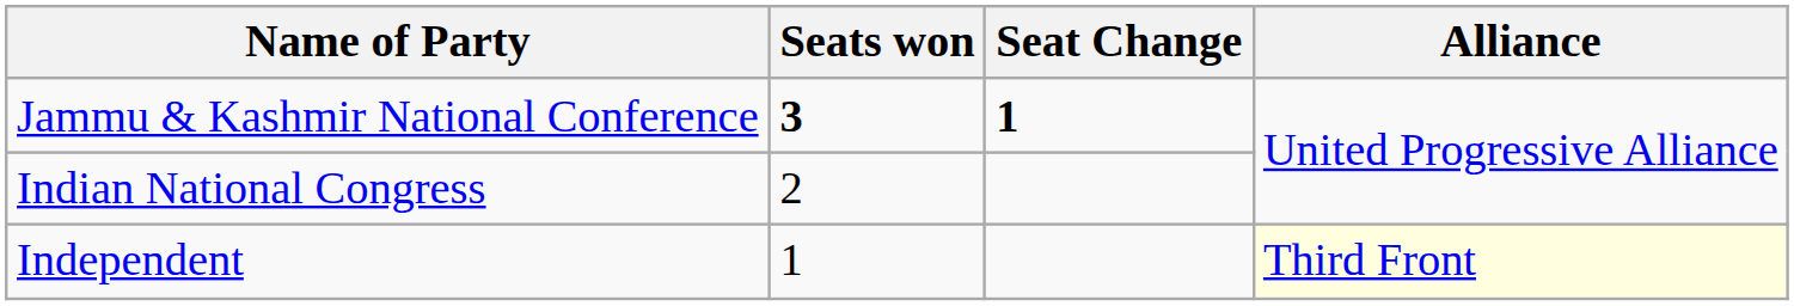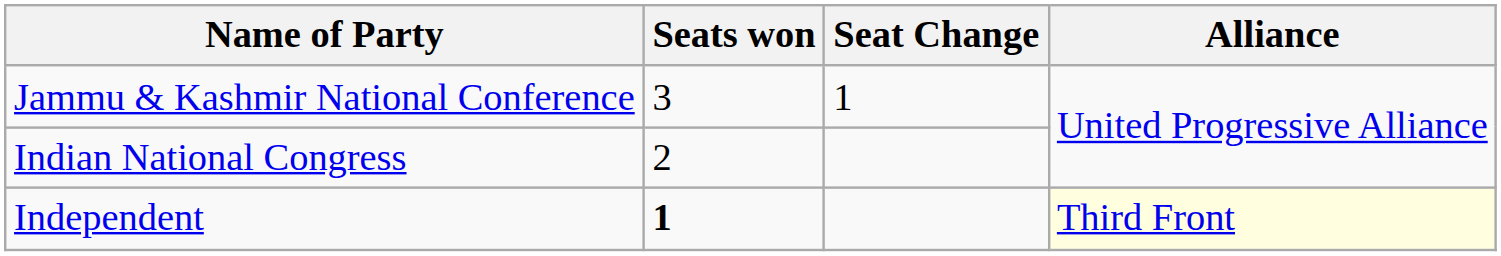 <table class="wikitable sortable">
 <tr>
 <th>Name of Party</th>
 <th>Seats won</th>
 <th>Seat Change</th>
 <th>Alliance</th>
 </tr>
 <tr>
 <td><a href='#'>Jammu & Kashmir National Conference</a></td>
-<td><strong>3</strong></td>
-<td><strong>1</strong></td>
+<td>3</td>
+<td>1</td>
 <td rowspan="2"><a href='#'>United Progressive Alliance</a></td>
 </tr>
 <tr>
 <td><a href='#'>Indian National Congress</a></td>
 <td>2</td>
 <td></td>
 </tr>
 <tr>
 <td><a href='#'>Independent</a></td>
-<td>1</td>
+<td><strong>1</strong></td>
 <td></td>
 <td style="background: lightyellow;"><a href='#'>Third Front</a></td>
 </tr>
 </table>
